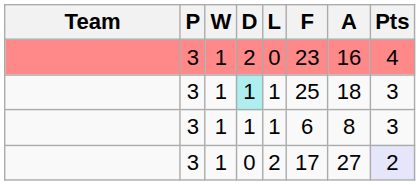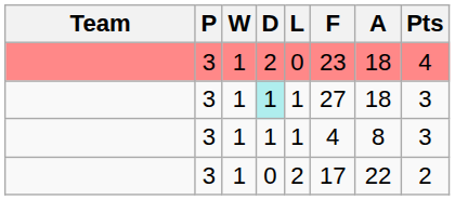 <table class="wikitable" style="text-align:center;">
 <tr>
 <th width="120px">Team</th>
 <th>P</th>
 <th>W</th>
 <th>D</th>
 <th>L</th>
 <th width="23px">F</th>
 <th width="23px">A</th>
 <th width="23px">Pts</th>
 </tr>
 <tr bgcolor="#FF8888">
 <td></td>
 <td>3</td>
 <td>1</td>
 <td>2</td>
 <td>0</td>
 <td>23</td>
-<td>16</td>
+<td>18</td>
 <td>4</td>
 </tr>
 <tr>
 <td></td>
 <td>3</td>
 <td>1</td>
 <td style="background: paleturquoise;">1</td>
 <td>1</td>
-<td>25</td>
+<td>27</td>
 <td>18</td>
 <td>3</td>
 </tr>
 <tr>
 <td></td>
 <td>3</td>
 <td>1</td>
 <td>1</td>
 <td>1</td>
-<td>6</td>
+<td>4</td>
 <td>8</td>
 <td>3</td>
 </tr>
 <tr>
 <td></td>
 <td>3</td>
 <td>1</td>
 <td>0</td>
 <td>2</td>
 <td>17</td>
-<td>27</td>
-<td style="background: lavender;">2</td>
+<td>22</td>
+<td>2</td>
 </tr>
 </table>
